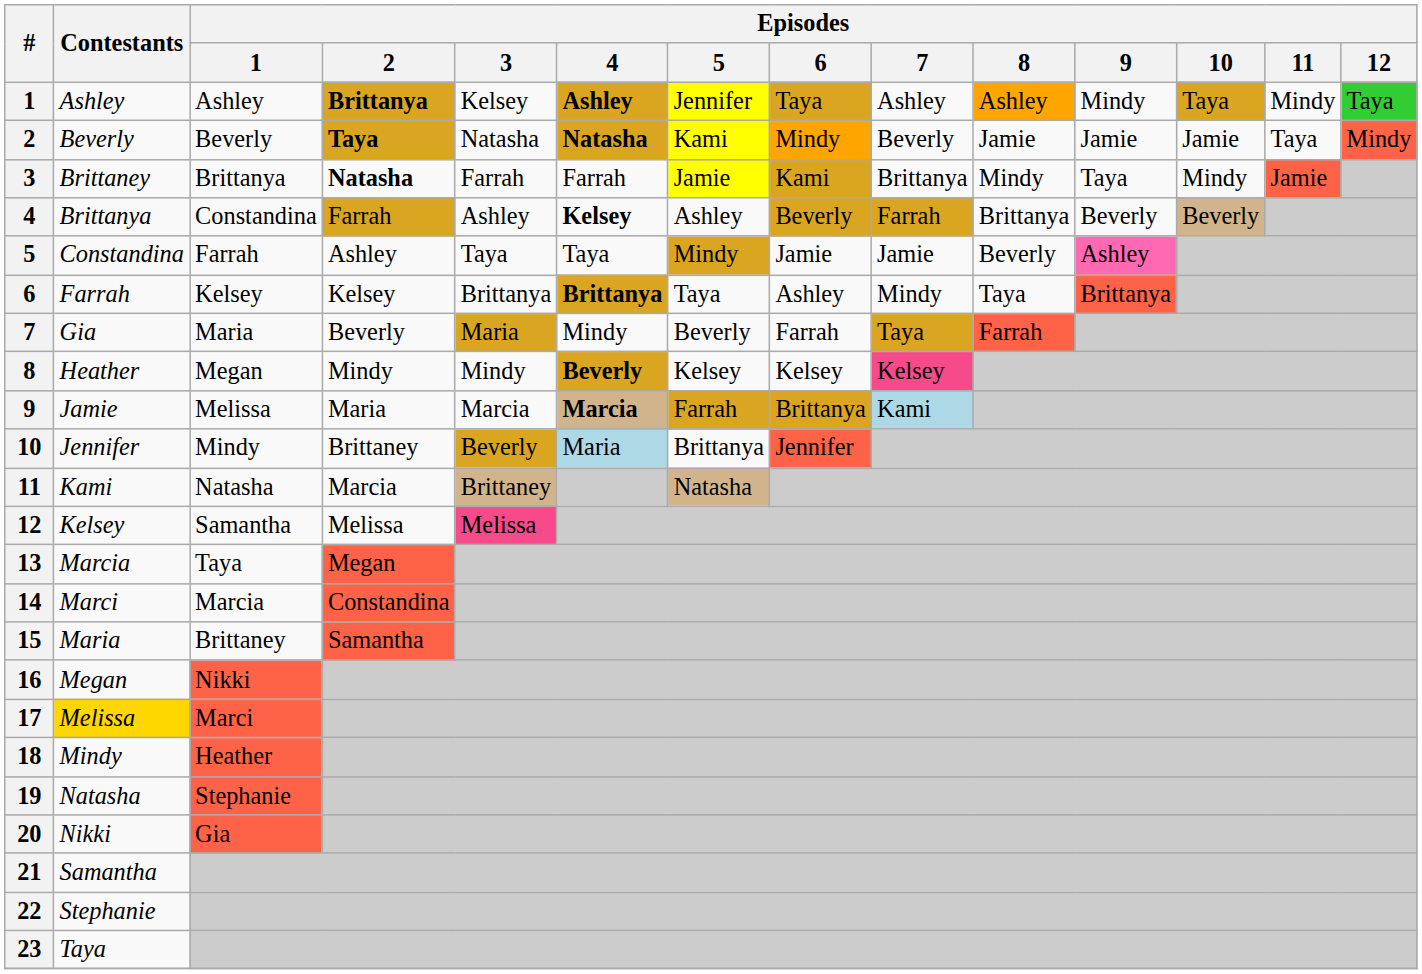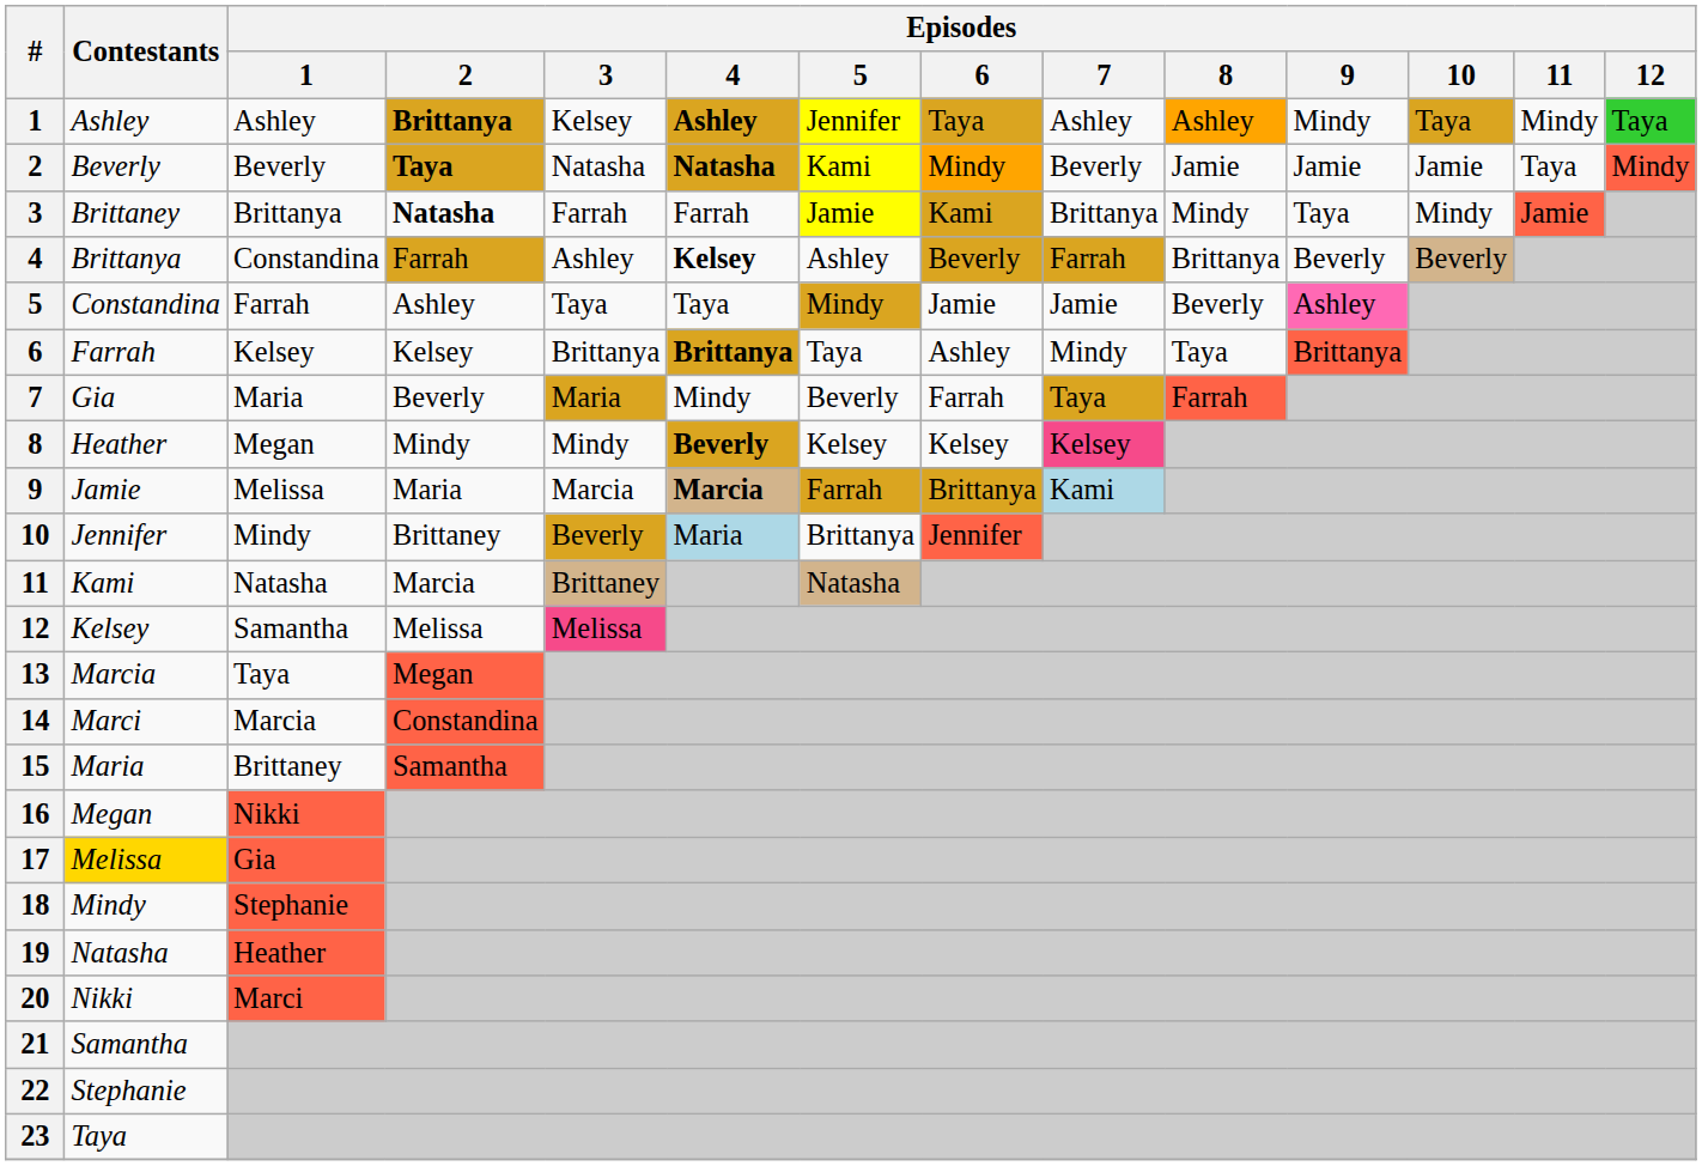 <table class="wikitable">
 <tr>
 <th width="25" rowspan=2>#</th>
 <th rowspan=2>Contestants</th>
 <th colspan=12>Episodes</th>
 </tr>
 <tr>
 <th>1</th>
 <th>2</th>
 <th>3</th>
 <th>4</th>
 <th>5</th>
 <th>6</th>
 <th>7</th>
 <th>8</th>
 <th>9</th>
 <th>10</th>
 <th>11</th>
 <th>12</th>
 </tr>
 <tr>
 <th>1</th>
 <td><em>Ashley</em></td>
 <td>Ashley</td>
 <td bgcolor="goldenrod"><strong>Brittanya</strong></td>
 <td>Kelsey</td>
 <td bgcolor="goldenrod"><strong>Ashley</strong></td>
 <td bgcolor="yellow">Jennifer</td>
 <td bgcolor="goldenrod">Taya</td>
 <td>Ashley</td>
 <td bgcolor="orange">Ashley</td>
 <td>Mindy</td>
 <td bgcolor="goldenrod">Taya</td>
 <td>Mindy</td>
 <td bgcolor="limegreen">Taya</td>
 </tr>
 <tr>
 <th>2</th>
 <td><em>Beverly</em></td>
 <td>Beverly</td>
 <td bgcolor="goldenrod"><strong>Taya</strong></td>
 <td>Natasha</td>
 <td bgcolor="goldenrod"><strong>Natasha</strong></td>
 <td bgcolor="yellow">Kami</td>
 <td bgcolor="orange">Mindy</td>
 <td>Beverly</td>
 <td>Jamie</td>
 <td>Jamie</td>
 <td>Jamie</td>
 <td>Taya</td>
 <td bgcolor="tomato">Mindy</td>
 </tr>
 <tr>
 <th>3</th>
 <td><em>Brittaney</em></td>
 <td>Brittanya</td>
 <td><strong>Natasha</strong></td>
 <td>Farrah</td>
 <td>Farrah</td>
 <td bgcolor="yellow">Jamie</td>
 <td bgcolor="goldenrod">Kami</td>
 <td>Brittanya</td>
 <td>Mindy</td>
 <td>Taya</td>
 <td>Mindy</td>
 <td bgcolor="tomato">Jamie</td>
 <td bgcolor="#CCCCCC"></td>
 </tr>
 <tr>
 <th>4</th>
 <td><em>Brittanya</em></td>
 <td>Constandina</td>
 <td bgcolor="goldenrod">Farrah</td>
 <td>Ashley</td>
 <td><strong>Kelsey</strong></td>
 <td>Ashley</td>
 <td bgcolor="goldenrod">Beverly</td>
 <td bgcolor="goldenrod">Farrah</td>
 <td>Brittanya</td>
 <td>Beverly</td>
 <td bgcolor="tan">Beverly</td>
 <td bgcolor="#CCCCCC" colspan=2></td>
 </tr>
 <tr>
 <th>5</th>
 <td><em>Constandina</em></td>
 <td>Farrah</td>
 <td>Ashley</td>
 <td>Taya</td>
 <td>Taya</td>
 <td bgcolor="goldenrod">Mindy</td>
 <td>Jamie</td>
 <td>Jamie</td>
 <td>Beverly</td>
 <td bgcolor="hotpink">Ashley</td>
 <td bgcolor="#CCCCCC" colspan=3></td>
 </tr>
 <tr>
 <th>6</th>
 <td><em>Farrah</em></td>
 <td>Kelsey</td>
 <td>Kelsey</td>
 <td>Brittanya</td>
 <td bgcolor="goldenrod"><strong>Brittanya</strong></td>
 <td>Taya</td>
 <td>Ashley</td>
 <td>Mindy</td>
 <td>Taya</td>
 <td bgcolor="tomato">Brittanya</td>
 <td bgcolor="#CCCCCC" colspan=3></td>
 </tr>
 <tr>
 <th>7</th>
 <td><em>Gia</em></td>
 <td>Maria</td>
 <td>Beverly</td>
 <td bgcolor="goldenrod">Maria</td>
 <td>Mindy</td>
 <td>Beverly</td>
 <td>Farrah</td>
 <td bgcolor="goldenrod">Taya</td>
 <td bgcolor="tomato">Farrah</td>
 <td bgcolor="#CCCCCC" colspan=4></td>
 </tr>
 <tr>
 <th>8</th>
 <td><em>Heather</em></td>
 <td>Megan</td>
 <td>Mindy</td>
 <td>Mindy</td>
 <td bgcolor="goldenrod"><strong>Beverly</strong></td>
 <td>Kelsey</td>
 <td>Kelsey</td>
 <td bgcolor="#F64A8A">Kelsey</td>
 <td bgcolor="#CCCCCC" colspan=6></td>
 </tr>
 <tr>
 <th>9</th>
 <td><em>Jamie</em></td>
 <td>Melissa</td>
 <td>Maria</td>
 <td>Marcia</td>
 <td bgcolor="tan"><strong>Marcia</strong></td>
 <td bgcolor="goldenrod">Farrah</td>
 <td bgcolor="goldenrod">Brittanya</td>
 <td bgcolor="lightblue">Kami</td>
 <td bgcolor="#CCCCCC" colspan=5></td>
 </tr>
 <tr>
 <th>10</th>
 <td><em>Jennifer</em></td>
 <td>Mindy</td>
 <td>Brittaney</td>
 <td bgcolor="goldenrod">Beverly</td>
 <td bgcolor="lightblue">Maria</td>
 <td>Brittanya</td>
 <td bgcolor="tomato">Jennifer</td>
 <td bgcolor="#CCCCCC" colspan=6></td>
 </tr>
 <tr>
 <th>11</th>
 <td><em>Kami</em></td>
 <td>Natasha</td>
 <td>Marcia</td>
 <td bgcolor="tan">Brittaney</td>
 <td bgcolor="#CCCCCC"></td>
 <td bgcolor="tan">Natasha</td>
 <td bgcolor="#CCCCCC" colspan=8></td>
 </tr>
 <tr>
 <th>12</th>
 <td><em>Kelsey</em></td>
 <td>Samantha</td>
 <td>Melissa</td>
 <td bgcolor="#F64A8A">Melissa</td>
 <td bgcolor="#CCCCCC" colspan=9></td>
 </tr>
 <tr>
 <th>13</th>
 <td><em>Marcia</em></td>
 <td>Taya</td>
 <td bgcolor="tomato">Megan</td>
 <td bgcolor="#CCCCCC" colspan=10></td>
 </tr>
 <tr>
 <th>14</th>
 <td><em>Marci</em></td>
 <td>Marcia</td>
 <td bgcolor="tomato">Constandina</td>
 <td bgcolor="#CCCCCC" colspan=10></td>
 </tr>
 <tr>
 <th>15</th>
 <td><em>Maria</em></td>
 <td>Brittaney</td>
 <td bgcolor="tomato">Samantha</td>
 <td bgcolor="#CCCCCC" colspan=10></td>
 </tr>
 <tr>
 <th>16</th>
 <td><em>Megan</em></td>
 <td bgcolor="tomato">Nikki</td>
 <td bgcolor="#CCCCCC" colspan=11></td>
 </tr>
 <tr>
 <th>17</th>
 <td style="background: gold;"><em>Melissa</em></td>
-<td bgcolor="tomato">Marci</td>
+<td bgcolor="tomato">Gia</td>
 <td bgcolor="#CCCCCC" colspan=11></td>
 </tr>
 <tr>
 <th>18</th>
 <td><em>Mindy</em></td>
-<td bgcolor="tomato">Heather</td>
+<td bgcolor="tomato">Stephanie</td>
 <td bgcolor="#CCCCCC" colspan=11></td>
 </tr>
 <tr>
 <th>19</th>
 <td><em>Natasha</em></td>
-<td bgcolor="tomato">Stephanie</td>
+<td bgcolor="tomato">Heather</td>
 <td bgcolor="#CCCCCC" colspan=11></td>
 </tr>
 <tr>
 <th>20</th>
 <td><em>Nikki</em></td>
-<td bgcolor="tomato">Gia</td>
+<td bgcolor="tomato">Marci</td>
 <td bgcolor="#CCCCCC" colspan=11></td>
 </tr>
 <tr>
 <th>21</th>
 <td><em>Samantha</em></td>
 <td bgcolor="#CCCCCC" colspan=12></td>
 </tr>
 <tr>
 <th>22</th>
 <td><em>Stephanie</em></td>
 <td bgcolor="#CCCCCC" colspan=12></td>
 </tr>
 <tr>
 <th>23</th>
 <td><em>Taya</em></td>
 <td bgcolor="#CCCCCC" colspan=12></td>
 </tr>
 <tr>
 </tr>
 </table>
